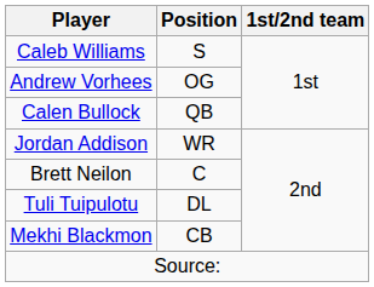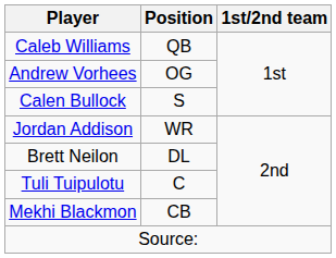 <table class="wikitable" style="text-align: center">
 <tr align=center>
 <th>Player</th>
 <th>Position</th>
 <th>1st/2nd team</th>
 </tr>
 <tr>
 <td><a href='#'>Caleb Williams</a></td>
-<td>S</td>
+<td>QB</td>
 <td rowspan="3">1st</td>
 </tr>
 <tr>
 <td><a href='#'>Andrew Vorhees</a></td>
 <td>OG</td>
 </tr>
 <tr>
 <td><a href='#'>Calen Bullock</a></td>
-<td>QB</td>
+<td>S</td>
 </tr>
 <tr>
 <td><a href='#'>Jordan Addison</a></td>
 <td>WR</td>
 <td rowspan="4">2nd</td>
 </tr>
 <tr>
 <td>Brett Neilon</td>
-<td>C</td>
+<td>DL</td>
 </tr>
 <tr>
 <td><a href='#'>Tuli Tuipulotu</a></td>
-<td>DL</td>
+<td>C</td>
 </tr>
 <tr>
 <td><a href='#'>Mekhi Blackmon</a></td>
 <td>CB</td>
 </tr>
 <tr>
 <td colspan="3">Source:</td>
 </tr>
 </table>
